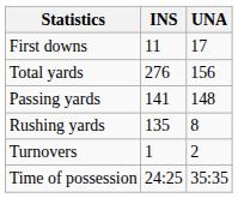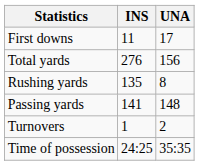 <table class="wikitable" style="float: left;">
 <tr>
 <th>Statistics</th>
 <th>INS</th>
 <th>UNA</th>
 </tr>
 <tr>
 <td>First downs</td>
 <td>11</td>
 <td>17</td>
 </tr>
 <tr>
 <td>Total yards</td>
 <td>276</td>
 <td>156</td>
 </tr>
 <tr>
+<td>Rushing yards</td>
+<td>135</td>
+<td>8</td>
+</tr>
+<tr>
 <td>Passing yards</td>
 <td>141</td>
 <td>148</td>
-</tr>
-<tr>
-<td>Rushing yards</td>
-<td>135</td>
-<td>8</td>
 </tr>
 <tr>
 <td>Turnovers</td>
 <td>1</td>
 <td>2</td>
 </tr>
 <tr>
 <td>Time of possession</td>
 <td>24:25</td>
 <td>35:35</td>
 </tr>
 </table>
